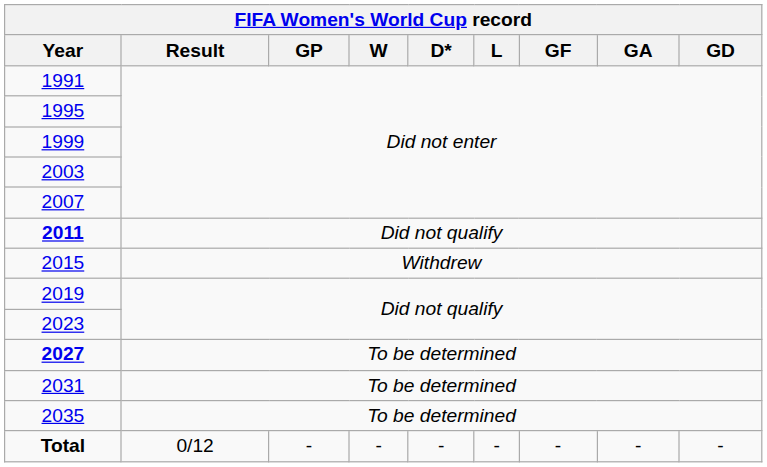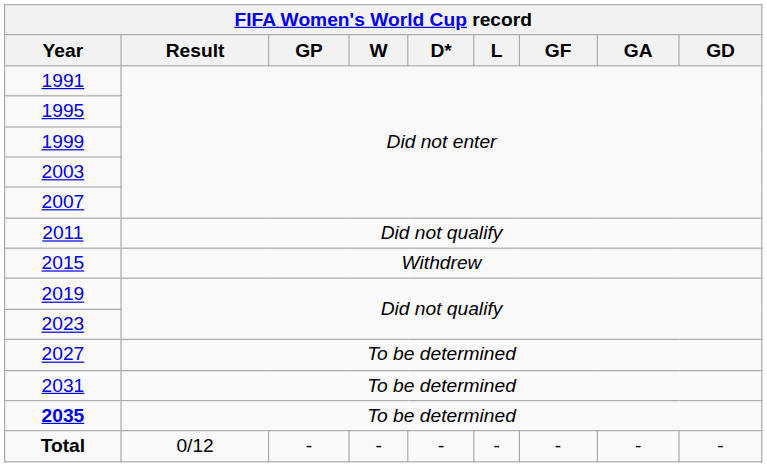 <table class="wikitable" style="text-align: center; width:50%;">
 <tr>
 <th colspan=10><a href='#'>FIFA Women's World Cup</a> record</th>
 </tr>
 <tr>
 <th>Year</th>
 <th>Result</th>
 <th>GP</th>
 <th>W</th>
 <th>D*</th>
 <th>L</th>
 <th>GF</th>
 <th>GA</th>
 <th>GD</th>
 </tr>
 <tr>
 <td> <a href='#'>1991</a></td>
 <td rowspan=5 colspan=8><em>Did not enter</em></td>
 </tr>
 <tr>
 <td> <a href='#'>1995</a></td>
 </tr>
 <tr>
 <td> <a href='#'>1999</a></td>
 </tr>
 <tr>
 <td> <a href='#'>2003</a></td>
 </tr>
 <tr>
 <td> <a href='#'>2007</a></td>
 </tr>
 <tr>
-<td><strong> <a href='#'>2011</a></strong></td>
+<td> <a href='#'>2011</a></td>
 <td colspan=8><em>Did not qualify</em></td>
 </tr>
 <tr>
 <td> <a href='#'>2015</a></td>
 <td colspan=8><em>Withdrew</em></td>
 </tr>
 <tr>
 <td> <a href='#'>2019</a></td>
 <td rowspan=2 colspan=8><em>Did not qualify</em></td>
 </tr>
 <tr>
 <td> <a href='#'>2023</a></td>
 </tr>
 <tr>
-<td><strong> <a href='#'>2027</a></strong></td>
+<td> <a href='#'>2027</a></td>
 <td colspan=8><em>To be determined</em></td>
 </tr>
 <tr>
 <td> <a href='#'>2031</a></td>
 <td colspan=8><em>To be determined</em></td>
 </tr>
 <tr>
-<td> <a href='#'>2035</a></td>
+<td><strong> <a href='#'>2035</a></strong></td>
 <td colspan=8><em>To be determined</em></td>
 </tr>
 <tr>
 <td><strong>Total</strong></td>
 <td>0/12</td>
 <td>-</td>
 <td>-</td>
 <td>-</td>
 <td>-</td>
 <td>-</td>
 <td>-</td>
 <td>-</td>
 </tr>
 </table>
